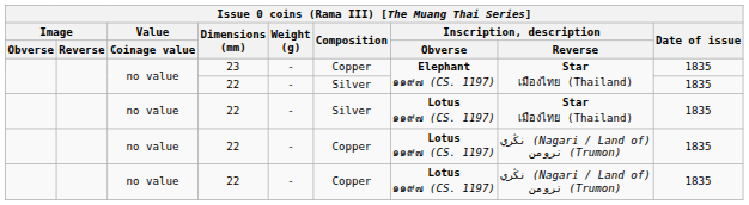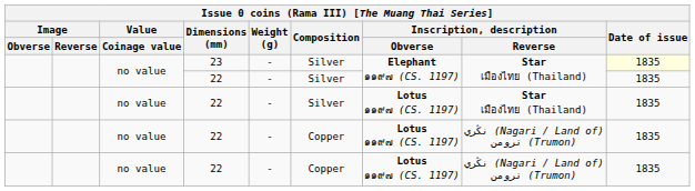 <table class="wikitable" style="text-align: center">
 <tr>
 <th colspan="9">Issue 0 coins (Rama III) [<em>The Muang Thai Series</em>]</th>
 </tr>
 <tr>
 <th colspan="2">Image</th>
 <th>Value</th>
 <th rowspan="2">Dimensions<br>(mm)</th>
 <th rowspan="2">Weight<br>(g)</th>
 <th rowspan="2">Composition</th>
 <th colspan="2">Inscription, description</th>
 <th rowspan="2">Date of issue</th>
 </tr>
 <tr>
 <th>Obverse</th>
 <th>Reverse</th>
 <th>Coinage value</th>
 <th>Obverse</th>
 <th>Reverse</th>
 </tr>
 <tr>
 <td rowspan="2"></td>
 <td rowspan="2"></td>
 <td rowspan="2">no value</td>
 <td>23</td>
 <td>-</td>
-<td>Copper</td>
+<td>Silver</td>
 <td rowspan="2"><strong>Elephant</strong><br>๑๑๙๗ <em>(CS. 1197)</em></td>
 <td rowspan="2"><strong>Star</strong><br>เมืองไทย (Thailand)</td>
-<td>1835</td>
+<td style="background: lightyellow;">1835</td>
 </tr>
 <tr>
 <td>22</td>
 <td>-</td>
 <td>Silver</td>
 <td>1835</td>
 </tr>
 <tr>
 <td></td>
 <td></td>
 <td>no value</td>
 <td>22</td>
 <td>-</td>
 <td>Silver</td>
 <td><strong>Lotus</strong><br>๑๑๙๗ <em>(CS. 1197)</em></td>
 <td><strong>Star</strong><br>เมืองไทย (Thailand)</td>
 <td>1835</td>
 </tr>
 <tr>
 <td></td>
 <td></td>
 <td>no value</td>
 <td>22</td>
 <td>-</td>
 <td>Copper</td>
 <td><strong>Lotus</strong><br>๑๑๙๗ <em>(CS. 1197)</em></td>
 <td>نڭري <em>(Nagari / Land of)</em><br>ترومن <em>(Trumon)</em></td>
 <td>1835</td>
 </tr>
 <tr>
 <td></td>
 <td></td>
 <td>no value</td>
 <td>22</td>
 <td>-</td>
 <td>Copper</td>
 <td><strong>Lotus</strong><br>๑๑๙๗ <em>(CS. 1197)</em></td>
 <td>نڭري <em>(Nagari / Land of)</em><br>ترومن <em>(Trumon)</em></td>
 <td>1835</td>
 </tr>
 </table>
